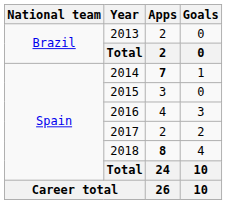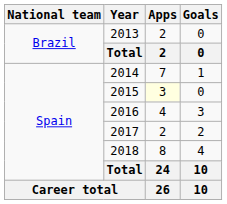 <table class="wikitable" style="text-align:center">
 <tr>
 <th>National team</th>
 <th>Year</th>
 <th>Apps</th>
 <th>Goals</th>
 </tr>
 <tr>
 <td rowspan="2"><a href='#'>Brazil</a></td>
 <td>2013</td>
 <td>2</td>
 <td>0</td>
 </tr>
 <tr>
 <th>Total</th>
 <th>2</th>
 <th>0</th>
 </tr>
 <tr>
 <td rowspan="6"><a href='#'>Spain</a></td>
 <td>2014</td>
-<td><strong>7</strong></td>
+<td>7</td>
 <td>1</td>
 </tr>
 <tr>
 <td>2015</td>
-<td>3</td>
+<td style="background: lightyellow;">3</td>
 <td>0</td>
 </tr>
 <tr>
 <td>2016</td>
 <td>4</td>
 <td>3</td>
 </tr>
 <tr>
 <td>2017</td>
 <td>2</td>
 <td>2</td>
 </tr>
 <tr>
 <td>2018</td>
-<td><strong>8</strong></td>
+<td>8</td>
 <td>4</td>
 </tr>
 <tr>
 <th>Total</th>
 <th>24</th>
 <th>10</th>
 </tr>
 <tr>
 <th colspan="2">Career total</th>
 <th>26</th>
 <th>10</th>
 </tr>
 </table>
